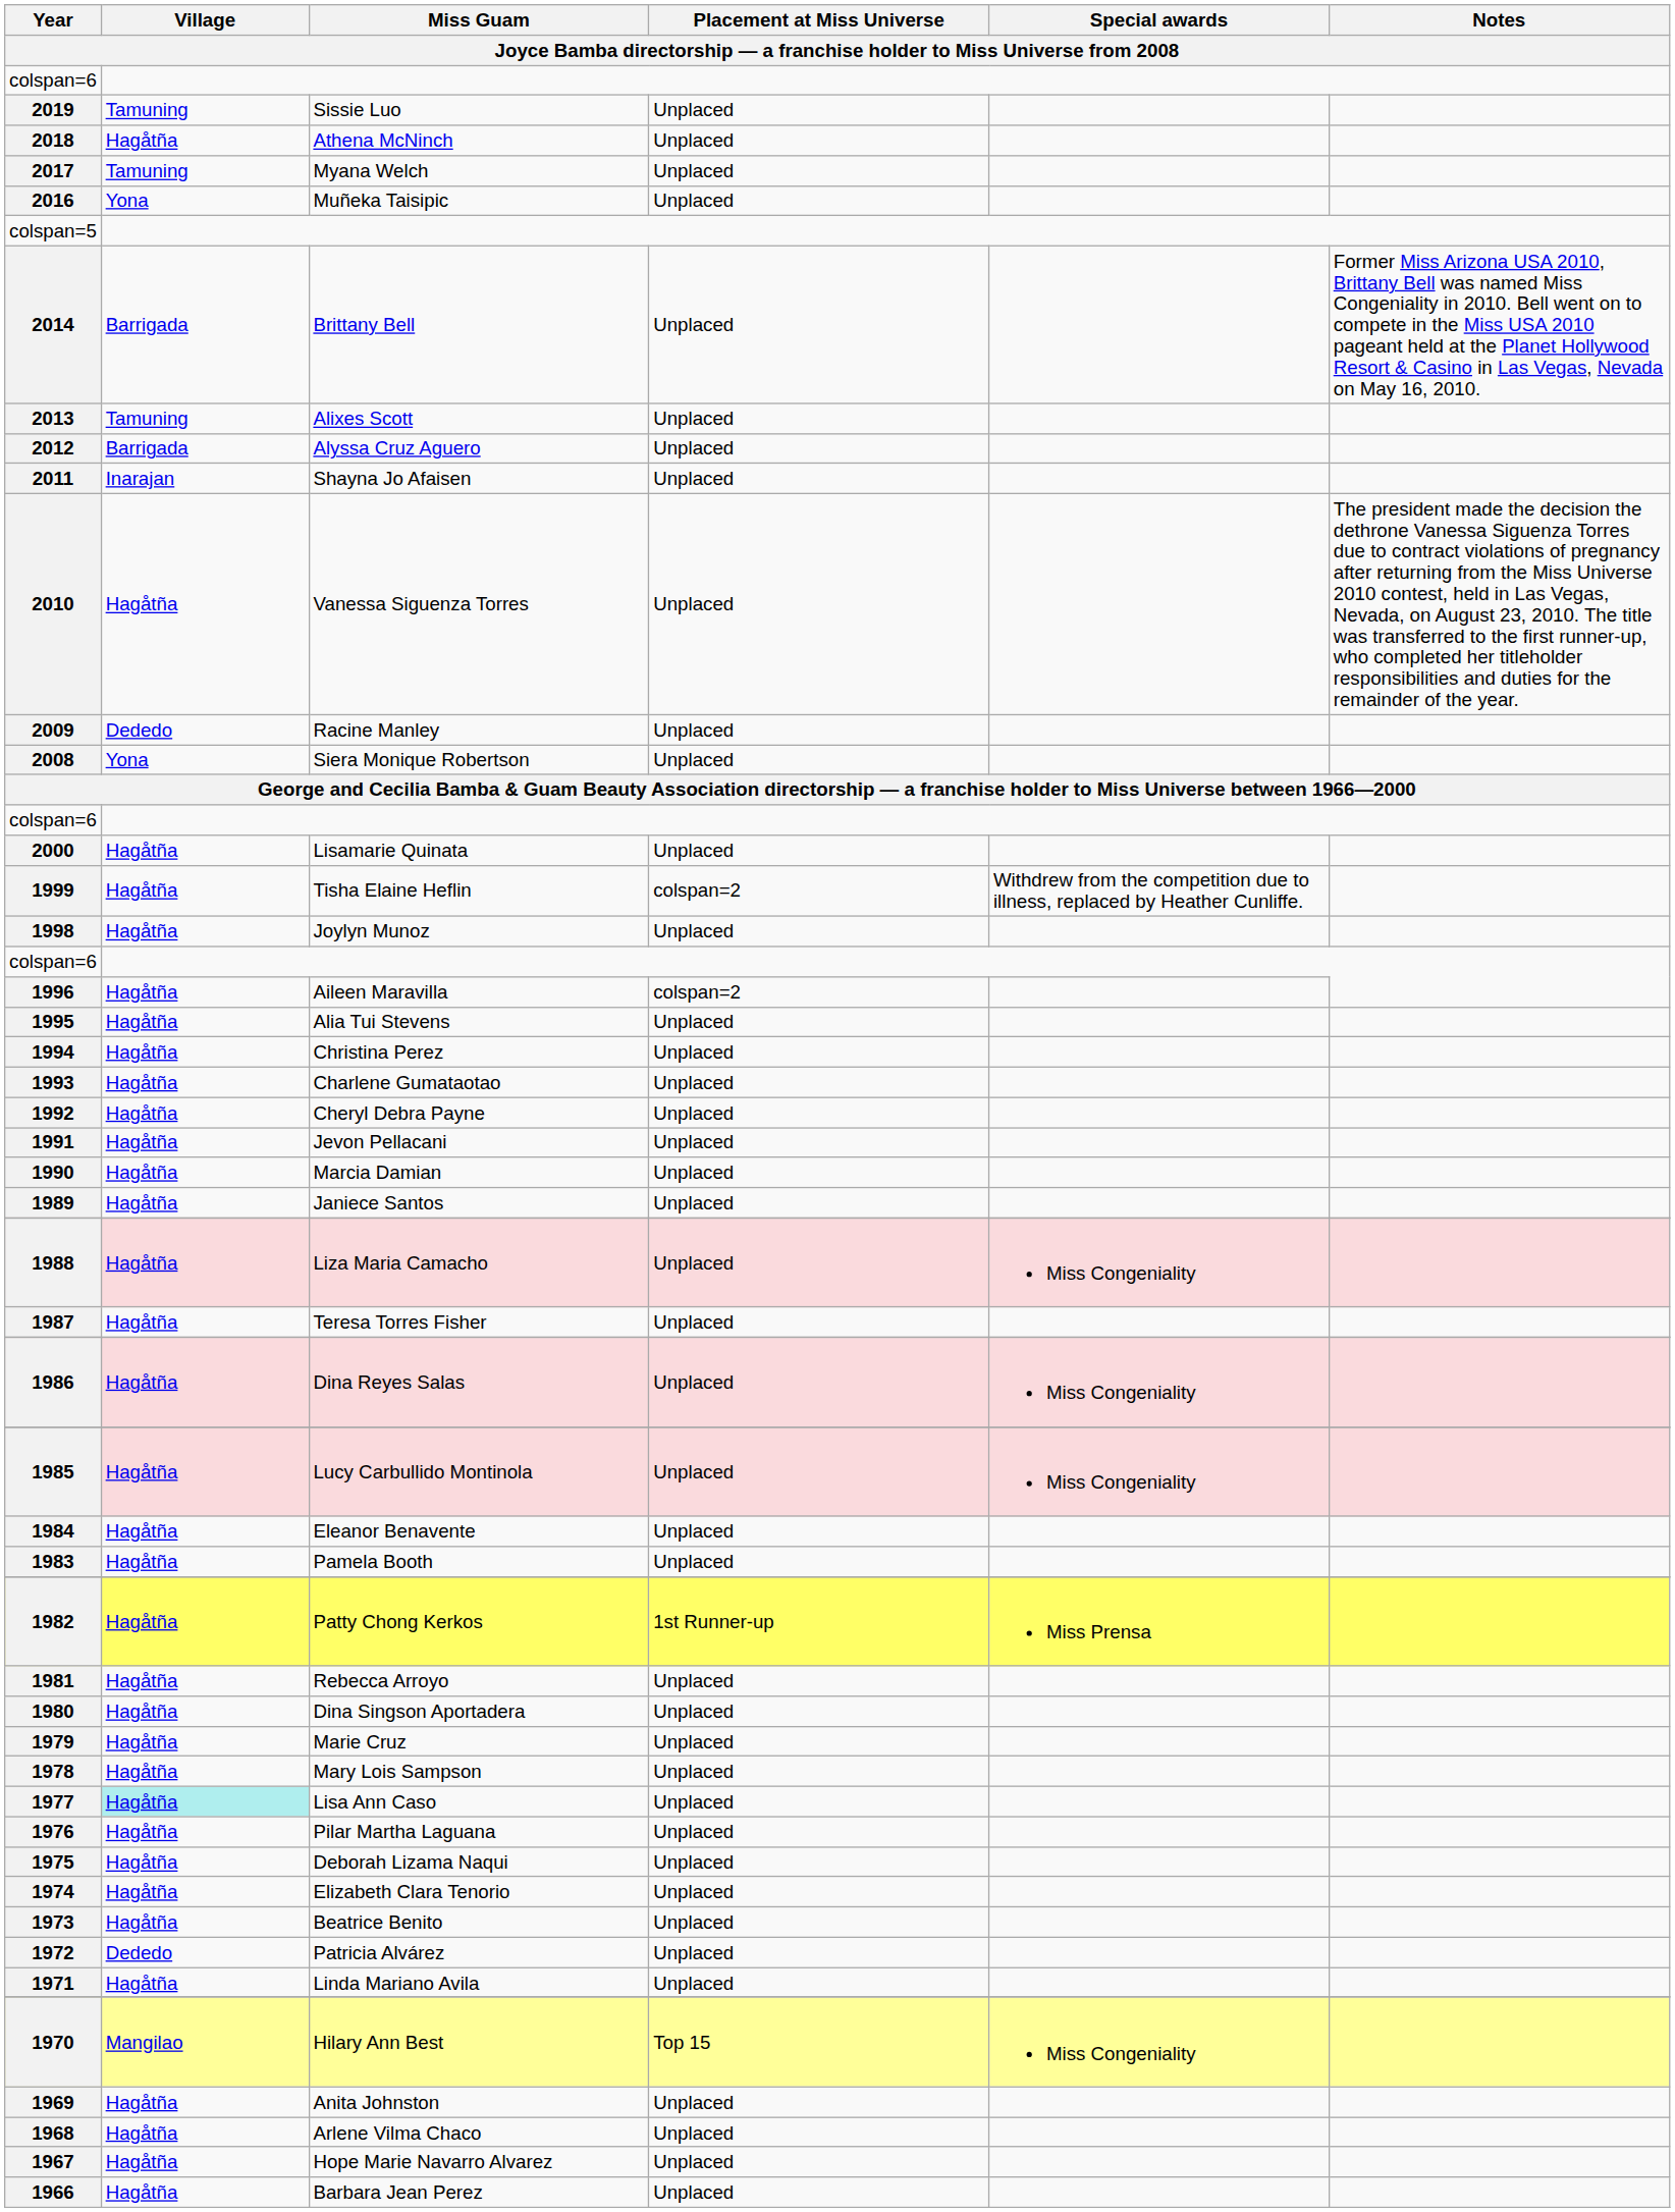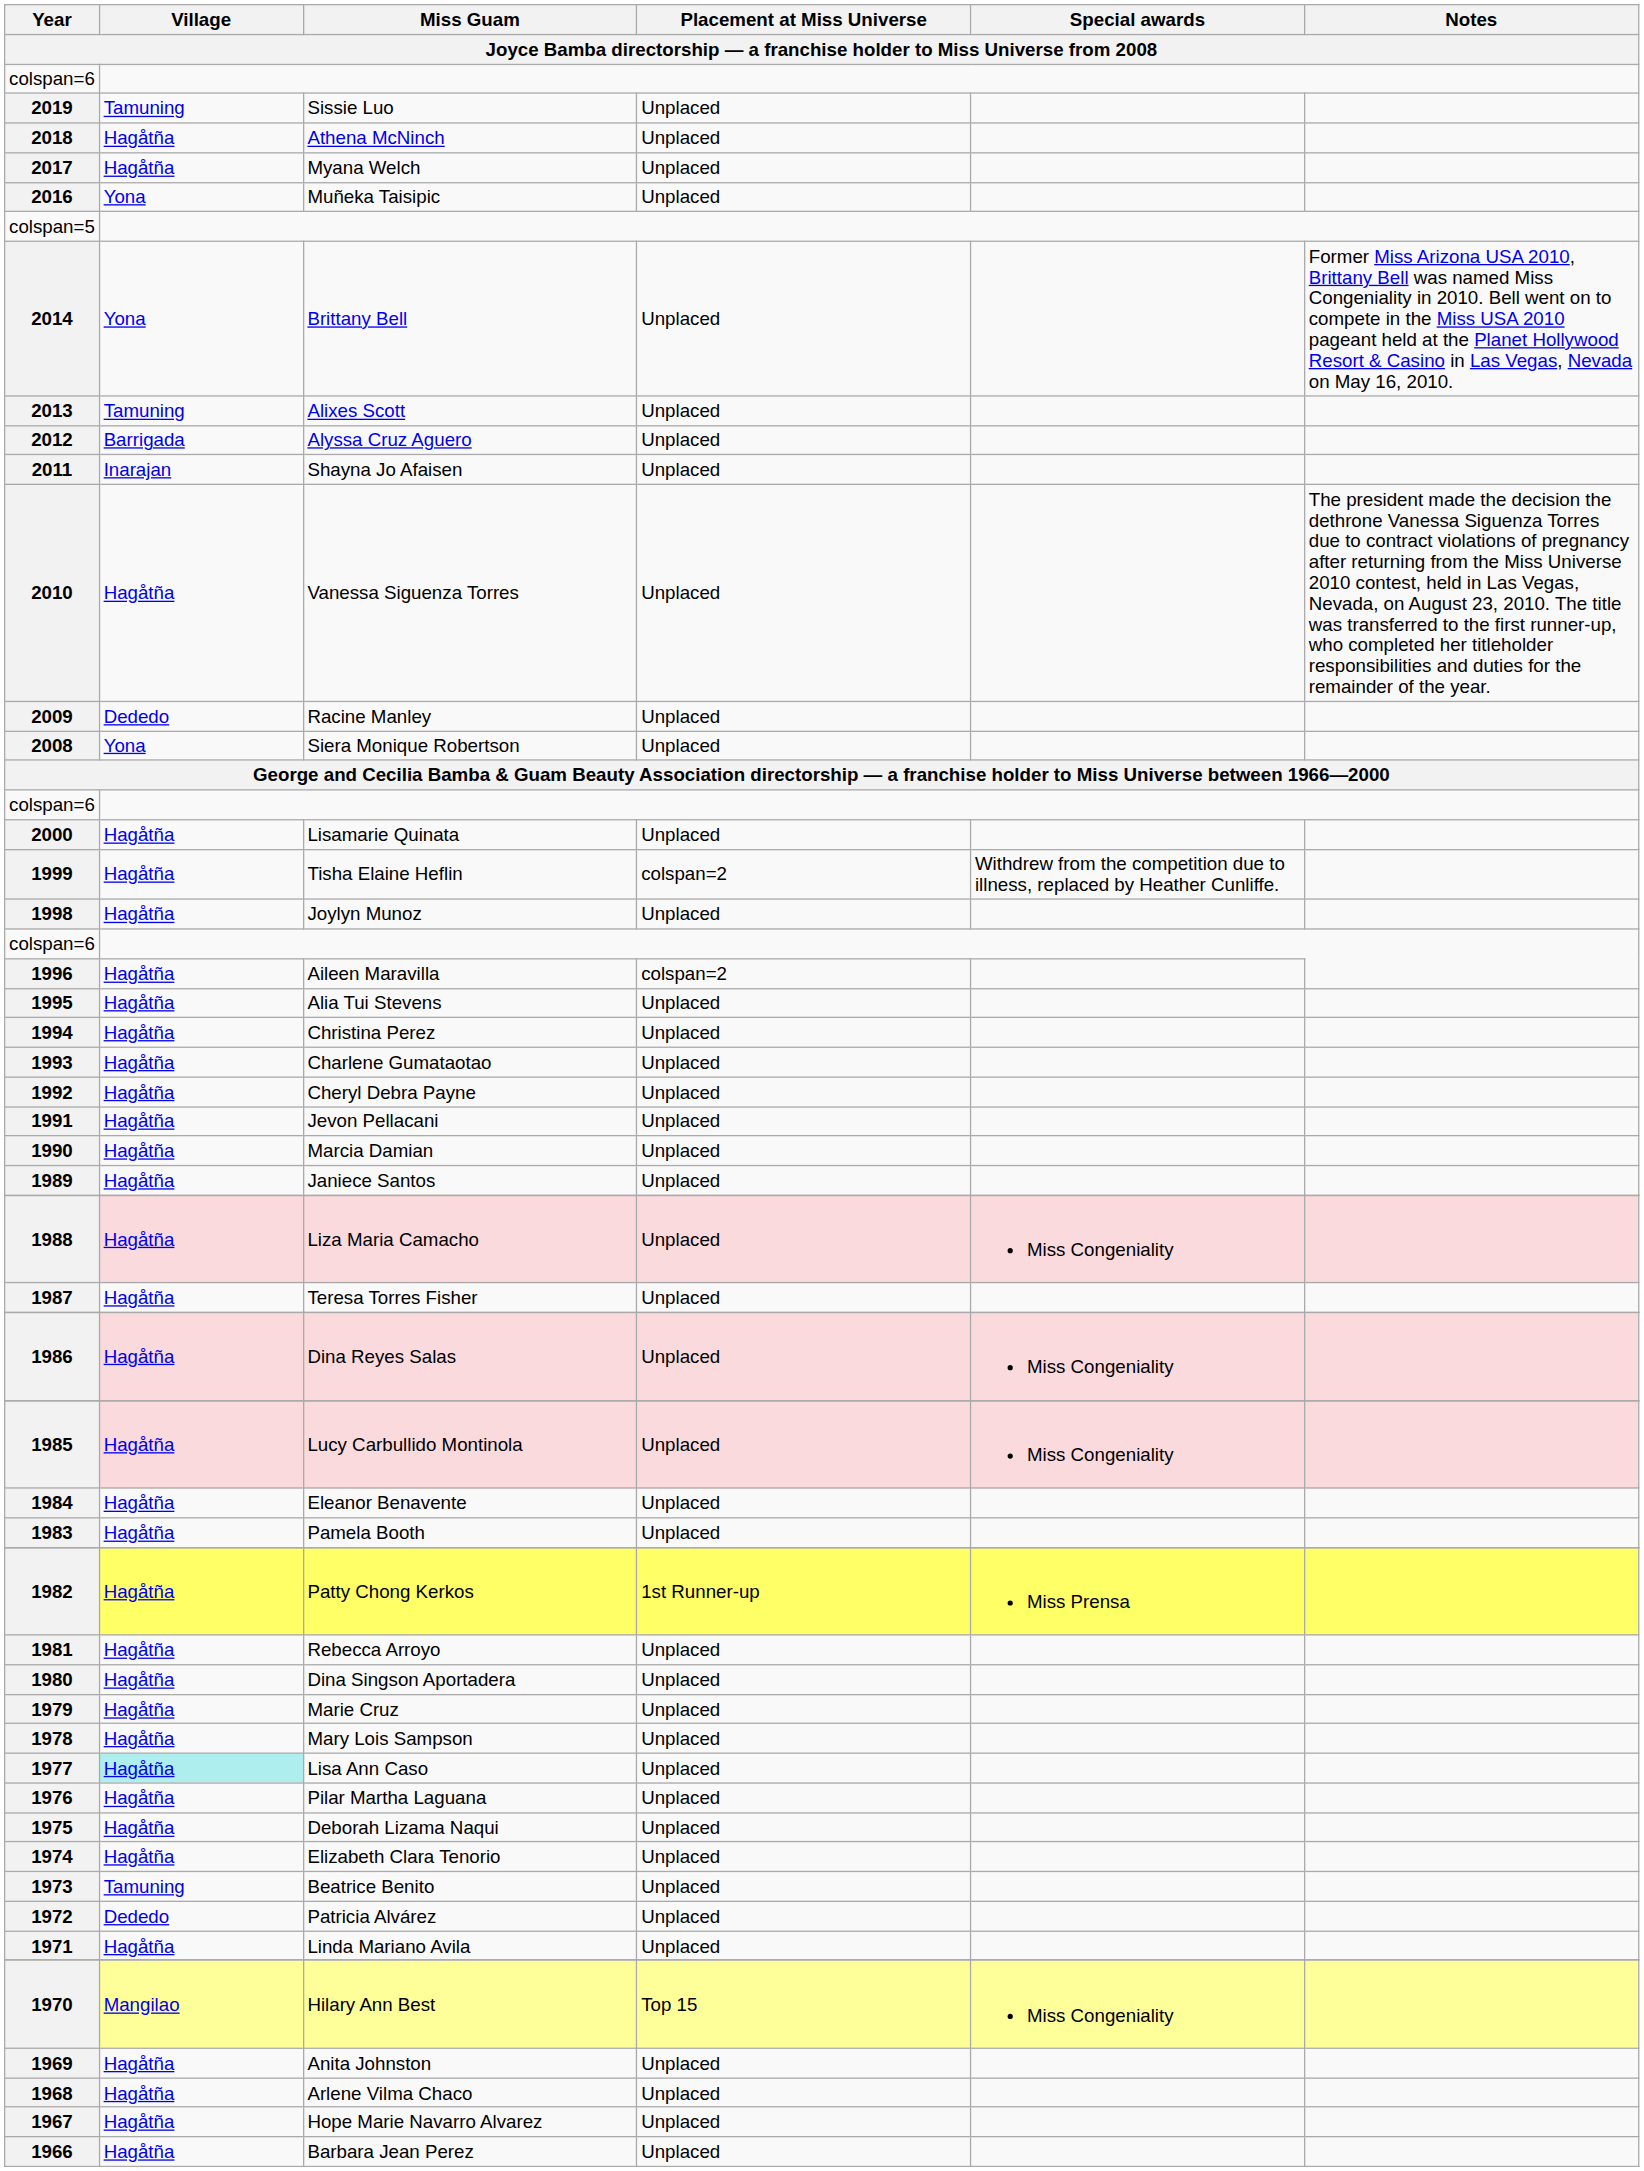 <table class="wikitable " style="font-size: 90%;">
 <tr>
 <th width="60">Year</th>
 <th width="150">Village</th>
 <th width="250">Miss Guam</th>
 <th width="250">Placement at Miss Universe</th>
 <th width="250">Special awards</th>
 <th width="250">Notes</th>
 </tr>
 <tr>
 <th colspan="6">Joyce Bamba directorship — a franchise holder to Miss Universe from 2008</th>
 </tr>
 <tr>
 <td>colspan=6 </td>
 </tr>
 <tr>
 <th>2019</th>
 <td><a href='#'>Tamuning</a></td>
 <td>Sissie Luo</td>
 <td>Unplaced</td>
 <td></td>
 <td></td>
 </tr>
 <tr>
 <th>2018</th>
 <td><a href='#'>Hagåtña</a></td>
 <td><a href='#'>Athena McNinch</a></td>
 <td>Unplaced</td>
 <td></td>
 <td></td>
 </tr>
 <tr>
 <th>2017</th>
-<td><a href='#'>Tamuning</a></td>
+<td><a href='#'>Hagåtña</a></td>
 <td>Myana Welch</td>
 <td>Unplaced</td>
 <td></td>
 <td></td>
 </tr>
 <tr>
 <th>2016</th>
 <td><a href='#'>Yona</a></td>
 <td>Muñeka Taisipic</td>
 <td>Unplaced</td>
 <td></td>
 <td></td>
 </tr>
 <tr>
 <td>colspan=5 </td>
 </tr>
 <tr>
 <th>2014</th>
-<td><a href='#'>Barrigada</a></td>
+<td><a href='#'>Yona</a></td>
 <td><a href='#'>Brittany Bell</a></td>
 <td>Unplaced</td>
 <td></td>
 <td>Former <a href='#'>Miss Arizona USA 2010</a>, <a href='#'>Brittany Bell</a> was named Miss Congeniality in 2010. Bell went on to compete in the <a href='#'>Miss USA 2010</a> pageant held at the <a href='#'>Planet Hollywood Resort & Casino</a> in <a href='#'>Las Vegas</a>, <a href='#'>Nevada</a> on May 16, 2010.</td>
 </tr>
 <tr>
 <th>2013</th>
 <td><a href='#'>Tamuning</a></td>
 <td><a href='#'>Alixes Scott</a></td>
 <td>Unplaced</td>
 <td></td>
 <td></td>
 </tr>
 <tr>
 <th>2012</th>
 <td><a href='#'>Barrigada</a></td>
 <td><a href='#'>Alyssa Cruz Aguero</a></td>
 <td>Unplaced</td>
 <td></td>
 <td></td>
 </tr>
 <tr>
 <th>2011</th>
 <td><a href='#'>Inarajan</a></td>
 <td>Shayna Jo Afaisen</td>
 <td>Unplaced</td>
 <td></td>
 <td></td>
 </tr>
 <tr>
 <th>2010</th>
 <td><a href='#'>Hagåtña</a></td>
 <td>Vanessa Siguenza Torres</td>
 <td>Unplaced</td>
 <td></td>
 <td>The president made the decision the dethrone Vanessa Siguenza Torres due to contract violations of pregnancy after returning from the Miss Universe 2010 contest, held in Las Vegas, Nevada, on August 23, 2010.  The title was transferred to the first runner-up, who completed her titleholder responsibilities and duties for the remainder of the year.</td>
 </tr>
 <tr>
 <th>2009</th>
 <td><a href='#'>Dededo</a></td>
 <td>Racine Manley</td>
 <td>Unplaced</td>
 <td></td>
 <td></td>
 </tr>
 <tr>
 <th>2008</th>
 <td><a href='#'>Yona</a></td>
 <td>Siera Monique Robertson</td>
 <td>Unplaced</td>
 <td></td>
 <td></td>
 </tr>
 <tr>
 <th colspan="6">George and Cecilia Bamba & Guam Beauty Association directorship — a franchise holder to Miss Universe between 1966―2000</th>
 </tr>
 <tr>
 <td>colspan=6 </td>
 </tr>
 <tr>
 <th>2000</th>
 <td><a href='#'>Hagåtña</a></td>
 <td>Lisamarie Quinata</td>
 <td>Unplaced</td>
 <td></td>
 <td></td>
 </tr>
 <tr>
 <th>1999</th>
 <td><a href='#'>Hagåtña</a></td>
 <td>Tisha Elaine Heflin</td>
 <td>colspan=2 </td>
 <td>Withdrew from the competition due to illness, replaced by Heather Cunliffe.</td>
 </tr>
 <tr>
 <th>1998</th>
 <td><a href='#'>Hagåtña</a></td>
 <td>Joylyn Munoz</td>
 <td>Unplaced</td>
 <td></td>
 <td></td>
 </tr>
 <tr>
 <td>colspan=6 </td>
 </tr>
 <tr>
 <th>1996</th>
 <td><a href='#'>Hagåtña</a></td>
 <td>Aileen Maravilla</td>
 <td>colspan=2 </td>
 <td></td>
 </tr>
 <tr>
 <th>1995</th>
 <td><a href='#'>Hagåtña</a></td>
 <td>Alia Tui Stevens</td>
 <td>Unplaced</td>
 <td></td>
 <td></td>
 </tr>
 <tr>
 <th>1994</th>
 <td><a href='#'>Hagåtña</a></td>
 <td>Christina Perez</td>
 <td>Unplaced</td>
 <td></td>
 <td></td>
 </tr>
 <tr>
 <th>1993</th>
 <td><a href='#'>Hagåtña</a></td>
 <td>Charlene Gumataotao</td>
 <td>Unplaced</td>
 <td></td>
 <td></td>
 </tr>
 <tr>
 <th>1992</th>
 <td><a href='#'>Hagåtña</a></td>
 <td>Cheryl Debra Payne</td>
 <td>Unplaced</td>
 <td></td>
 <td></td>
 </tr>
 <tr>
 <th>1991</th>
 <td><a href='#'>Hagåtña</a></td>
 <td>Jevon Pellacani</td>
 <td>Unplaced</td>
 <td></td>
 <td></td>
 </tr>
 <tr>
 <th>1990</th>
 <td><a href='#'>Hagåtña</a></td>
 <td>Marcia Damian</td>
 <td>Unplaced</td>
 <td></td>
 <td></td>
 </tr>
 <tr>
 <th>1989</th>
 <td><a href='#'>Hagåtña</a></td>
 <td>Janiece Santos</td>
 <td>Unplaced</td>
 <td></td>
 <td></td>
 </tr>
 <tr>
 </tr>
 <tr style="background-color:#FADADD;">
 <th>1988</th>
 <td><a href='#'>Hagåtña</a></td>
 <td>Liza Maria Camacho</td>
 <td>Unplaced</td>
 <td align="left"><br><ul><li>Miss Congeniality</li></ul></td>
 <td></td>
 </tr>
 <tr>
 <th>1987</th>
 <td><a href='#'>Hagåtña</a></td>
 <td>Teresa Torres Fisher</td>
 <td>Unplaced</td>
 <td></td>
 <td></td>
 </tr>
 <tr>
 </tr>
 <tr style="background-color:#FADADD;">
 <th>1986</th>
 <td><a href='#'>Hagåtña</a></td>
 <td>Dina Reyes Salas</td>
 <td>Unplaced</td>
 <td align="left"><br><ul><li>Miss Congeniality</li></ul></td>
 <td></td>
 </tr>
 <tr>
 </tr>
 <tr style="background-color:#FADADD;">
 <th>1985</th>
 <td><a href='#'>Hagåtña</a></td>
 <td>Lucy Carbullido Montinola</td>
 <td>Unplaced</td>
 <td align="left"><br><ul><li>Miss Congeniality</li></ul></td>
 <td></td>
 </tr>
 <tr>
 <th>1984</th>
 <td><a href='#'>Hagåtña</a></td>
 <td>Eleanor Benavente</td>
 <td>Unplaced</td>
 <td></td>
 <td></td>
 </tr>
 <tr>
 <th>1983</th>
 <td><a href='#'>Hagåtña</a></td>
 <td>Pamela Booth</td>
 <td>Unplaced</td>
 <td></td>
 <td></td>
 </tr>
 <tr>
 </tr>
 <tr style="background-color:#FFFF66;">
 <th>1982</th>
 <td><a href='#'>Hagåtña</a></td>
 <td>Patty Chong Kerkos</td>
 <td>1st Runner-up</td>
 <td align="left"><br><ul><li>Miss Prensa</li></ul></td>
 <td></td>
 </tr>
 <tr>
 <th>1981</th>
 <td><a href='#'>Hagåtña</a></td>
 <td>Rebecca Arroyo</td>
 <td>Unplaced</td>
 <td></td>
 <td></td>
 </tr>
 <tr>
 <th>1980</th>
 <td><a href='#'>Hagåtña</a></td>
 <td>Dina Singson Aportadera</td>
 <td>Unplaced</td>
 <td></td>
 <td></td>
 </tr>
 <tr>
 <th>1979</th>
 <td><a href='#'>Hagåtña</a></td>
 <td>Marie Cruz</td>
 <td>Unplaced</td>
 <td></td>
 <td></td>
 </tr>
 <tr>
 <th>1978</th>
 <td><a href='#'>Hagåtña</a></td>
 <td>Mary Lois Sampson</td>
 <td>Unplaced</td>
 <td></td>
 <td></td>
 </tr>
 <tr>
 <th>1977</th>
 <td style="background: paleturquoise;"><a href='#'>Hagåtña</a></td>
 <td>Lisa Ann Caso</td>
 <td>Unplaced</td>
 <td></td>
 <td></td>
 </tr>
 <tr>
 <th>1976</th>
 <td><a href='#'>Hagåtña</a></td>
 <td>Pilar Martha Laguana</td>
 <td>Unplaced</td>
 <td></td>
 <td></td>
 </tr>
 <tr>
 <th>1975</th>
 <td><a href='#'>Hagåtña</a></td>
 <td>Deborah Lizama Naqui</td>
 <td>Unplaced</td>
 <td></td>
 <td></td>
 </tr>
 <tr>
 <th>1974</th>
 <td><a href='#'>Hagåtña</a></td>
 <td>Elizabeth Clara Tenorio</td>
 <td>Unplaced</td>
 <td></td>
 <td></td>
 </tr>
 <tr>
 <th>1973</th>
-<td><a href='#'>Hagåtña</a></td>
+<td><a href='#'>Tamuning</a></td>
 <td>Beatrice Benito</td>
 <td>Unplaced</td>
 <td></td>
 <td></td>
 </tr>
 <tr>
 <th>1972</th>
 <td><a href='#'>Dededo</a></td>
 <td>Patricia Alvárez</td>
 <td>Unplaced</td>
 <td></td>
 <td></td>
 </tr>
 <tr>
 <th>1971</th>
 <td><a href='#'>Hagåtña</a></td>
 <td>Linda Mariano Avila</td>
 <td>Unplaced</td>
 <td></td>
 <td></td>
 </tr>
 <tr>
 </tr>
 <tr style="background-color:#FFFF99;">
 <th>1970</th>
 <td><a href='#'>Mangilao</a></td>
 <td>Hilary Ann Best</td>
 <td>Top 15</td>
 <td align="left"><br><ul><li>Miss Congeniality</li></ul></td>
 <td></td>
 </tr>
 <tr>
 <th>1969</th>
 <td><a href='#'>Hagåtña</a></td>
 <td>Anita Johnston</td>
 <td>Unplaced</td>
 <td></td>
 <td></td>
 </tr>
 <tr>
 <th>1968</th>
 <td><a href='#'>Hagåtña</a></td>
 <td>Arlene Vilma Chaco</td>
 <td>Unplaced</td>
 <td></td>
 <td></td>
 </tr>
 <tr>
 <th>1967</th>
 <td><a href='#'>Hagåtña</a></td>
 <td>Hope Marie Navarro Alvarez</td>
 <td>Unplaced</td>
 <td></td>
 <td></td>
 </tr>
 <tr>
 <th>1966</th>
 <td><a href='#'>Hagåtña</a></td>
 <td>Barbara Jean Perez</td>
 <td>Unplaced</td>
 <td></td>
 <td></td>
 </tr>
 <tr>
 </tr>
 </table>
